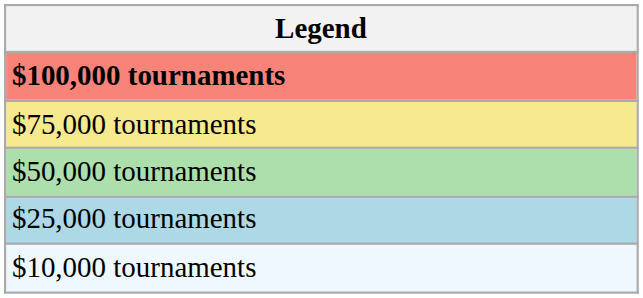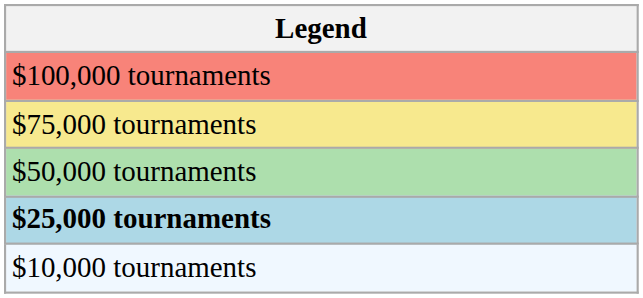 <table class=wikitable style="font-size:85%; width:15%;">
 <tr>
 <th>Legend</th>
 </tr>
 <tr style="background:#f88379;">
-<td><strong>$100,000 tournaments</strong></td>
+<td>$100,000 tournaments</td>
 </tr>
 <tr style="background:#f7e98e;">
 <td>$75,000 tournaments</td>
 </tr>
 <tr style="background:#addfad;">
 <td>$50,000 tournaments</td>
 </tr>
 <tr style="background:lightblue;">
-<td>$25,000 tournaments</td>
+<td><strong>$25,000 tournaments</strong></td>
 </tr>
 <tr style="background:#f0f8ff;">
 <td>$10,000 tournaments</td>
 </tr>
 </table>
